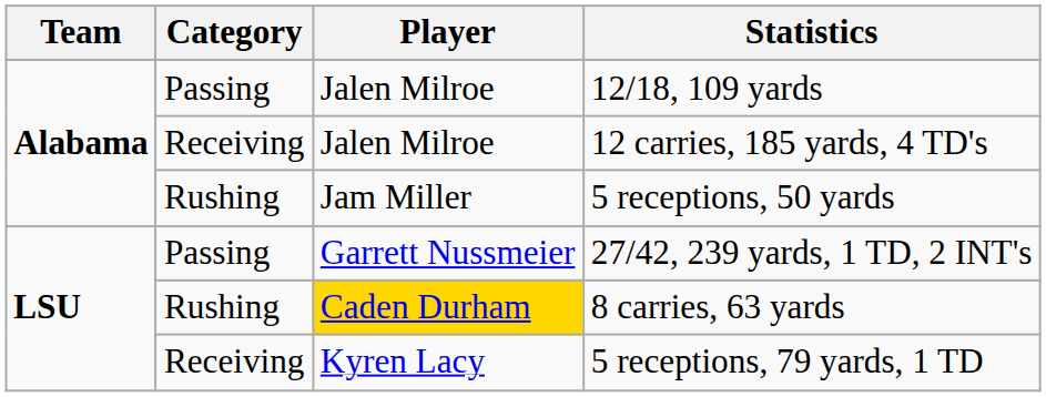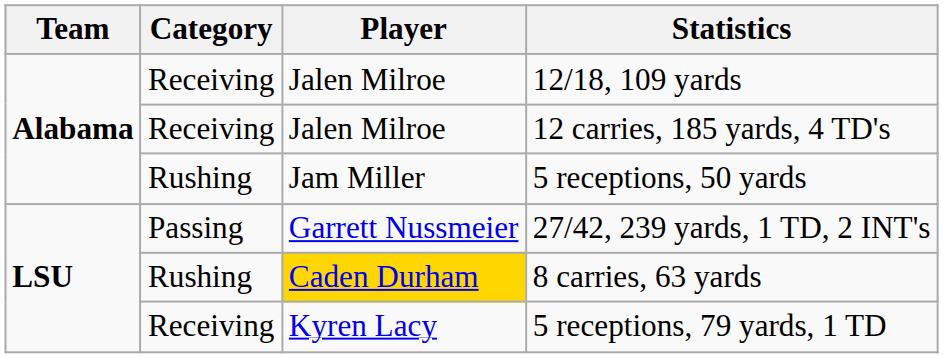 <table class="wikitable" style="float: right;">
 <tr>
 <th>Team</th>
 <th>Category</th>
 <th>Player</th>
 <th>Statistics</th>
 </tr>
 <tr>
 <td rowspan=3><strong>Alabama</strong></td>
-<td>Passing</td>
+<td>Receiving</td>
 <td>Jalen Milroe</td>
 <td>12/18, 109 yards</td>
 </tr>
 <tr>
 <td>Receiving</td>
 <td>Jalen Milroe</td>
 <td>12 carries, 185 yards, 4 TD's</td>
 </tr>
 <tr>
 <td>Rushing</td>
 <td>Jam Miller</td>
 <td>5 receptions, 50 yards</td>
 </tr>
 <tr>
 <td rowspan=3><strong>LSU</strong></td>
 <td>Passing</td>
 <td><a href='#'>Garrett Nussmeier</a></td>
 <td>27/42, 239 yards, 1 TD, 2 INT's</td>
 </tr>
 <tr>
 <td>Rushing</td>
 <td style="background: gold;"><a href='#'>Caden Durham</a></td>
 <td>8 carries, 63 yards</td>
 </tr>
 <tr>
 <td>Receiving</td>
 <td><a href='#'>Kyren Lacy</a></td>
 <td>5 receptions, 79 yards, 1 TD</td>
 </tr>
 </table>
